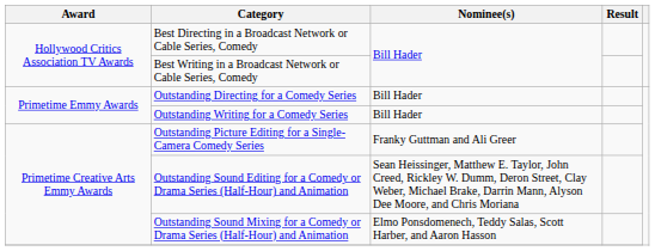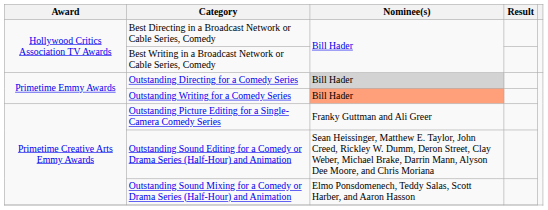 <table class="wikitable sortable" style="width:100%">
 <tr>
 <th scope="col" style="width:22%;">Award</th>
 <th scope="col" style="width:33%;">Category</th>
 <th scope="col" style="width:35%;">Nominee(s)</th>
 <th scope="col" style="width:6%;">Result</th>
 <th scope="col" class="unsortable" style="width:1%;"></th>
 </tr>
 <tr>
 <td align="center" rowspan="2"><a href='#'>Hollywood Critics Association TV Awards</a></td>
 <td>Best Directing in a Broadcast Network or Cable Series, Comedy</td>
 <td rowspan="2"><a href='#'>Bill Hader</a></td>
 <td></td>
 <td rowspan="2" align="center"></td>
 </tr>
 <tr>
 <td>Best Writing in a Broadcast Network or Cable Series, Comedy</td>
 <td></td>
 </tr>
 <tr>
 <td align="center" rowspan="2"><a href='#'>Primetime Emmy Awards</a></td>
 <td><a href='#'>Outstanding Directing for a Comedy Series</a></td>
-<td>Bill Hader</td>
+<td style="background: lightgrey;">Bill Hader</td>
 <td></td>
 <td align="center" rowspan="11"></td>
 </tr>
 <tr>
 <td><a href='#'>Outstanding Writing for a Comedy Series</a></td>
-<td>Bill Hader</td>
+<td style="background: lightsalmon;">Bill Hader</td>
 <td></td>
 </tr>
 <tr>
 <td align="center" rowspan="3"><a href='#'>Primetime Creative Arts Emmy Awards</a></td>
 <td><a href='#'>Outstanding Picture Editing for a Single-Camera Comedy Series</a></td>
 <td>Franky Guttman and Ali Greer</td>
 <td></td>
 </tr>
 <tr>
 <td><a href='#'>Outstanding Sound Editing for a Comedy or Drama Series (Half-Hour) and Animation</a></td>
 <td>Sean Heissinger, Matthew E. Taylor, John Creed, Rickley W. Dumm, Deron Street, Clay Weber, Michael Brake, Darrin Mann, Alyson Dee Moore, and Chris Moriana</td>
 <td></td>
 </tr>
 <tr>
 <td><a href='#'>Outstanding Sound Mixing for a Comedy or Drama Series (Half-Hour) and Animation</a></td>
 <td>Elmo Ponsdomenech, Teddy Salas, Scott Harber, and Aaron Hasson</td>
 <td></td>
 </tr>
 <tr>
 </tr>
 </table>
